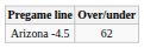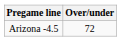 <table class="wikitable" style="margin-left: auto; margin-right: auto; border: none; display: inline-table;">
 <tr align="center">
 <th style=>Pregame line</th>
 <th style=>Over/under</th>
 </tr>
 <tr align="center">
 <td>Arizona -4.5</td>
-<td>62</td>
+<td>72</td>
 </tr>
 </table>
